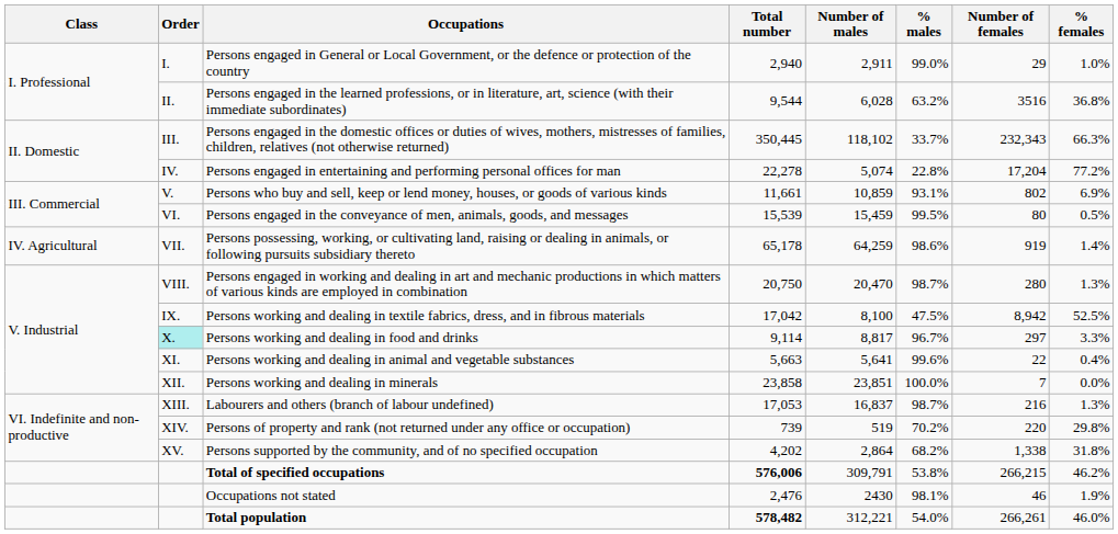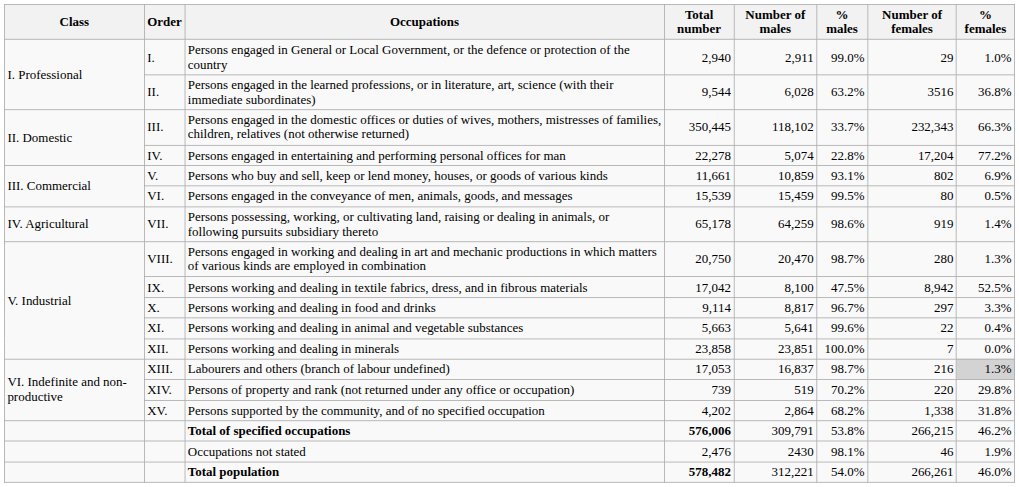 <table class="wikitable" style="text-align:right">
 <tr>
 <th>Class</th>
 <th>Order</th>
 <th>Occupations</th>
 <th>Total number</th>
 <th>Number of males</th>
 <th>% males</th>
 <th>Number of females</th>
 <th>% females</th>
 </tr>
 <tr>
 <td rowspan="2" align=left>I. Professional</td>
 <td align=left>I.</td>
 <td align=left>Persons engaged in General or Local Government, or the defence or protection of the country</td>
 <td>2,940</td>
 <td>2,911</td>
 <td>99.0%</td>
 <td>29</td>
 <td>1.0%</td>
 </tr>
 <tr>
 <td align=left>II.</td>
 <td align=left>Persons engaged in the learned professions, or in literature, art, science (with their immediate subordinates)</td>
 <td>9,544</td>
 <td>6,028</td>
 <td>63.2%</td>
 <td>3516</td>
 <td>36.8%</td>
 </tr>
 <tr>
 <td colspan="1" rowspan="2" align=left>II. Domestic</td>
 <td align=left>III.</td>
 <td align=left>Persons engaged in the domestic offices or duties of wives, mothers, mistresses of families, children, relatives (not otherwise returned)</td>
 <td>350,445</td>
 <td>118,102</td>
 <td>33.7%</td>
 <td>232,343</td>
 <td>66.3%</td>
 </tr>
 <tr>
 <td align=left>IV.</td>
 <td align=left>Persons engaged in entertaining and performing personal offices for man</td>
 <td>22,278</td>
 <td>5,074</td>
 <td>22.8%</td>
 <td>17,204</td>
 <td>77.2%</td>
 </tr>
 <tr>
 <td colspan="1" rowspan="2" align=left>III. Commercial</td>
 <td align=left>V.</td>
 <td align=left>Persons who buy and sell, keep or lend money, houses, or goods of various kinds</td>
 <td>11,661</td>
 <td>10,859</td>
 <td>93.1%</td>
 <td>802</td>
 <td>6.9%</td>
 </tr>
 <tr>
 <td align=left>VI.</td>
 <td align=left>Persons engaged in the conveyance of men, animals, goods, and messages</td>
 <td>15,539</td>
 <td>15,459</td>
 <td>99.5%</td>
 <td>80</td>
 <td>0.5%</td>
 </tr>
 <tr>
 <td align=left>IV. Agricultural</td>
 <td align="left">VII.</td>
 <td align=left>Persons possessing, working, or cultivating land, raising or dealing in animals, or following pursuits subsidiary thereto</td>
 <td>65,178</td>
 <td>64,259</td>
 <td>98.6%</td>
 <td>919</td>
 <td>1.4%</td>
 </tr>
 <tr>
 <td colspan="1" rowspan="5" align=left>V. Industrial</td>
 <td align=left>VIII.</td>
 <td align=left>Persons engaged in working and dealing in art and mechanic productions in which matters of various kinds are employed in combination</td>
 <td>20,750</td>
 <td>20,470</td>
 <td>98.7%</td>
 <td>280</td>
 <td>1.3%</td>
 </tr>
 <tr>
 <td align=left>IX.</td>
 <td align=left>Persons working and dealing in textile fabrics, dress, and in fibrous materials</td>
 <td>17,042</td>
 <td>8,100</td>
 <td>47.5%</td>
 <td>8,942</td>
 <td>52.5%</td>
 </tr>
 <tr>
-<td align=left style="background: paleturquoise;">X.</td>
+<td align=left>X.</td>
 <td align=left>Persons working and dealing in food and drinks</td>
 <td>9,114</td>
 <td>8,817</td>
 <td>96.7%</td>
 <td>297</td>
 <td>3.3%</td>
 </tr>
 <tr>
 <td align=left>XI.</td>
 <td align=left>Persons working and dealing in animal and vegetable substances</td>
 <td>5,663</td>
 <td>5,641</td>
 <td>99.6%</td>
 <td>22</td>
 <td>0.4%</td>
 </tr>
 <tr>
 <td align="left">XII.</td>
 <td align="left">Persons working and dealing in minerals</td>
 <td>23,858</td>
 <td>23,851</td>
 <td>100.0%</td>
 <td>7</td>
 <td>0.0%</td>
 </tr>
 <tr>
 <td colspan="1" rowspan="3" align="left">VI. Indefinite and non-productive</td>
 <td align="left">XIII.</td>
 <td align="left">Labourers and others (branch of labour undefined)</td>
 <td>17,053</td>
 <td>16,837</td>
 <td>98.7%</td>
 <td>216</td>
-<td>1.3%</td>
+<td style="background: lightgrey;">1.3%</td>
 </tr>
 <tr>
 <td align="left">XIV.</td>
 <td align="left">Persons of property and rank (not returned under any office or occupation)</td>
 <td>739</td>
 <td>519</td>
 <td>70.2%</td>
 <td>220</td>
 <td>29.8%</td>
 </tr>
 <tr>
 <td align="left">XV.</td>
 <td align="left">Persons supported by the community, and of no specified occupation</td>
 <td>4,202</td>
 <td>2,864</td>
 <td>68.2%</td>
 <td>1,338</td>
 <td>31.8%</td>
 </tr>
 <tr>
 <td></td>
 <td></td>
 <td align="left"><strong>Total of specified occupations</strong></td>
 <td><strong>576,006</strong></td>
 <td>309,791</td>
 <td>53.8%</td>
 <td>266,215</td>
 <td>46.2%</td>
 </tr>
 <tr>
 <td></td>
 <td></td>
 <td align="left">Occupations not stated</td>
 <td>2,476</td>
 <td>2430</td>
 <td>98.1%</td>
 <td>46</td>
 <td>1.9%</td>
 </tr>
 <tr>
 <td></td>
 <td></td>
 <td align="left"><strong>Total population</strong></td>
 <td><strong>578,482</strong></td>
 <td>312,221</td>
 <td>54.0%</td>
 <td>266,261</td>
 <td>46.0%</td>
 </tr>
 </table>
